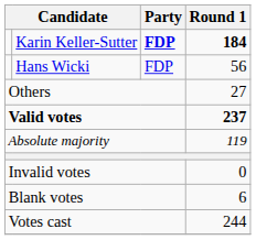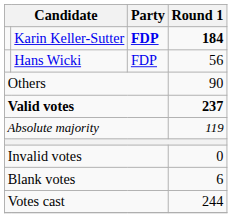 <table class="wikitable" style="text-align:right;">
 <tr>
 <th colspan=2>Candidate</th>
 <th>Party</th>
 <th>Round 1</th>
 </tr>
 <tr>
 <td style="background-color:"></td>
 <td style="text-align:left;"><a href='#'>Karin Keller-Sutter</a></td>
 <td style="text-align:left;"><strong><a href='#'>FDP</a></strong></td>
 <td><strong>184</strong></td>
 </tr>
 <tr>
 <td style="background-color:"></td>
 <td style="text-align:left;"><a href='#'>Hans Wicki</a></td>
 <td style="text-align:left;"><a href='#'>FDP</a></td>
 <td>56</td>
 </tr>
 <tr>
 <td colspan=3 style="text-align:left;">Others</td>
-<td>27</td>
+<td>90</td>
 </tr>
 <tr style="font-weight:bold;">
 <td colspan=3 style="text-align:left;">Valid votes</td>
 <td>237</td>
 </tr>
 <tr style="font-style:italic; font-size:90%;">
 <td colspan=3 style="text-align:left;">Absolute majority</td>
 <td>119</td>
 </tr>
 <tr>
 <th colspan=10></th>
 </tr>
 <tr>
 <td colspan=3 style="text-align:left;">Invalid votes</td>
 <td>0</td>
 </tr>
 <tr>
 <td colspan=3 style="text-align:left;">Blank votes</td>
 <td>6</td>
 </tr>
 <tr>
 <td colspan=3 style="text-align:left;">Votes cast</td>
 <td>244</td>
 </tr>
 <tr>
 </tr>
 </table>
